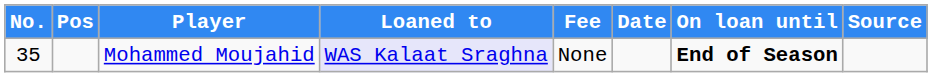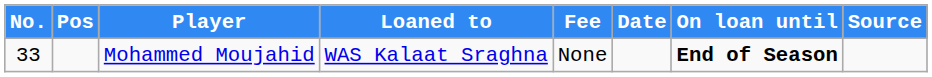 <table class="wikitable plainrowheaders sortable">
 <tr>
 <th style="background:#3088f2; color:#ffffff; ">No.</th>
 <th style="background:#3088f2; color:#ffffff; ">Pos</th>
 <th style="background:#3088f2; color:#ffffff; ">Player</th>
 <th style="background:#3088f2; color:#ffffff; ">Loaned to</th>
 <th style="background:#3088f2; color:#ffffff; ">Fee</th>
 <th style="background:#3088f2; color:#ffffff; ">Date</th>
 <th style="background:#3088f2; color:#ffffff; ">On loan until</th>
 <th style="background:#3088f2; color:#ffffff; ">Source</th>
 </tr>
 <tr>
-<td align=center>35</td>
+<td align=center>33</td>
 <td align=center></td>
 <td> <a href='#'>Mohammed Moujahid</a></td>
-<td style="background: lavender;"><a href='#'>WAS Kalaat Sraghna</a></td>
+<td><a href='#'>WAS Kalaat Sraghna</a></td>
 <td>None</td>
 <td></td>
 <td><strong>End of Season</strong></td>
 <td></td>
 </tr>
 </table>
